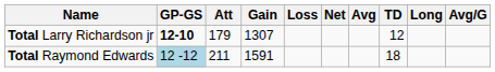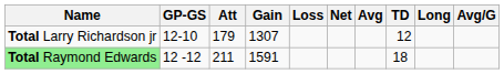 <table class="wikitable" style="white-space:nowrap;">
 <tr>
 <th>Name</th>
 <th>GP-GS</th>
 <th>Att</th>
 <th>Gain</th>
 <th>Loss</th>
 <th>Net</th>
 <th>Avg</th>
 <th>TD</th>
 <th>Long</th>
 <th>Avg/G</th>
 </tr>
 <tr>
 <td><strong>Total</strong> Larry Richardson jr</td>
-<td><strong>12-10 </strong></td>
+<td>12-10 </td>
 <td>179  </td>
 <td>1307 </td>
 <td> </td>
 <td> </td>
 <td> </td>
 <td>  12</td>
 <td> </td>
 <td> </td>
 </tr>
 <tr>
-<td><strong>Total</strong> Raymond Edwards</td>
-<td style="background: lightblue;">12 -12 </td>
+<td style="background: lightgreen;"><strong>Total</strong> Raymond Edwards</td>
+<td>12 -12 </td>
 <td>211  </td>
 <td>1591  </td>
 <td> </td>
 <td> </td>
 <td> </td>
 <td> 18</td>
 <td> </td>
 <td> </td>
 </tr>
 </table>
